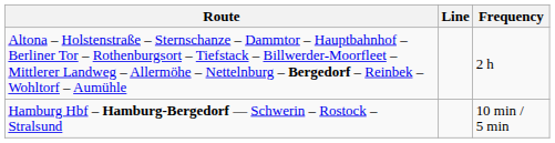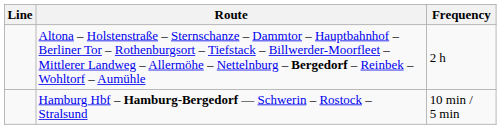 <table class="wikitable">
 <tr>
+<th>Line</th>
 <th>Route</th>
-<th>Line</th>
 <th>Frequency</th>
 </tr>
 <tr>
+<td></td>
 <td><a href='#'>Altona</a> – <a href='#'>Holstenstraße</a> – <a href='#'>Sternschanze</a> – <a href='#'>Dammtor</a> – <a href='#'>Hauptbahnhof</a> – <a href='#'>Berliner Tor</a> – <a href='#'>Rothenburgsort</a> – <a href='#'>Tiefstack</a> – <a href='#'>Billwerder-Moorfleet</a> – <a href='#'>Mittlerer Landweg</a> – <a href='#'>Allermöhe</a> – <a href='#'>Nettelnburg</a> – <strong>Bergedorf</strong> – <a href='#'>Reinbek</a> – <a href='#'>Wohltorf</a> – <a href='#'>Aumühle</a></td>
-<td></td>
 <td>2 h</td>
 </tr>
 <tr>
+<td></td>
 <td><a href='#'>Hamburg Hbf</a> – <strong>Hamburg-Bergedorf</strong> — <a href='#'>Schwerin</a> – <a href='#'>Rostock</a> – <a href='#'>Stralsund</a></td>
-<td></td>
 <td>10 min / 5 min</td>
 </tr>
 </table>
